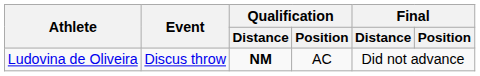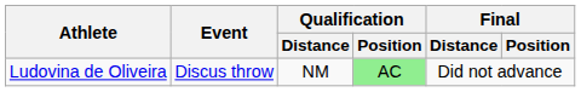 <table class=wikitable style="font-size:90%">
 <tr>
 <th rowspan="2">Athlete</th>
 <th rowspan="2">Event</th>
 <th colspan="2">Qualification</th>
 <th colspan="2">Final</th>
 </tr>
 <tr style="font-size:95%">
 <th>Distance</th>
 <th>Position</th>
 <th>Distance</th>
 <th>Position</th>
 </tr>
 <tr align=center>
 <td align=left><a href='#'>Ludovina de Oliveira</a></td>
 <td align=left><a href='#'>Discus throw</a></td>
-<td><strong>NM</strong></td>
-<td>AC</td>
+<td>NM</td>
+<td style="background: lightgreen;">AC</td>
 <td colspan=2>Did not advance</td>
 </tr>
 </table>
